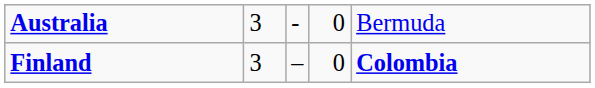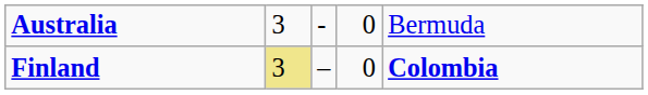 <table class="wikitable">
 <tr>
 <td width=150> <strong><a href='#'>Australia</a></strong></td>
 <td style="width:20px; text-align:left;">3</td>
 <td>-</td>
 <td style="width:20px; text-align:right;">0</td>
 <td width=150> <a href='#'>Bermuda</a></td>
 </tr>
 <tr>
 <td> <strong><a href='#'>Finland</a></strong></td>
-<td style="text-align:left;">3</td>
+<td style="background: khaki; text-align:left;">3</td>
 <td>–</td>
 <td style="text-align:right;">0</td>
 <td><strong> <a href='#'>Colombia</a></strong></td>
 </tr>
 </table>
